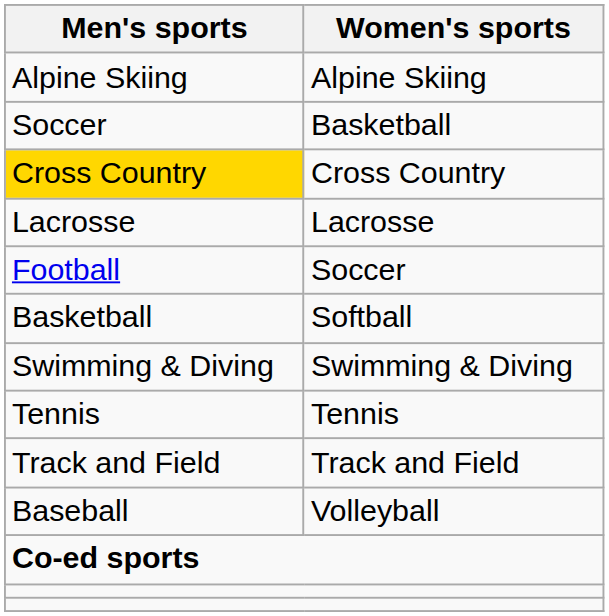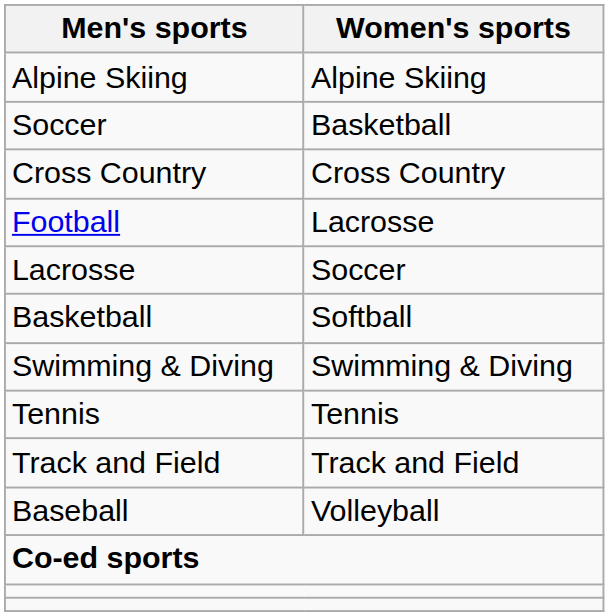 <table class="wikitable"; style= "text-align: ">
 <tr>
 <th width=150px>Men's sports</th>
 <th width=150px>Women's sports</th>
 </tr>
 <tr>
 <td>Alpine Skiing</td>
 <td>Alpine Skiing</td>
 </tr>
 <tr>
 <td>Soccer</td>
 <td>Basketball</td>
 </tr>
 <tr>
-<td style="background: gold;">Cross Country</td>
+<td>Cross Country</td>
 <td>Cross Country</td>
 </tr>
 <tr>
-<td>Lacrosse</td>
+<td><a href='#'>Football</a></td>
 <td>Lacrosse</td>
 </tr>
 <tr>
-<td><a href='#'>Football</a></td>
+<td>Lacrosse</td>
 <td>Soccer</td>
 </tr>
 <tr>
 <td>Basketball</td>
 <td>Softball</td>
 </tr>
 <tr>
 <td>Swimming & Diving</td>
 <td>Swimming & Diving</td>
 </tr>
 <tr>
 <td>Tennis</td>
 <td>Tennis</td>
 </tr>
 <tr>
 <td>Track and Field</td>
 <td>Track and Field</td>
 </tr>
 <tr>
 <td>Baseball</td>
 <td>Volleyball</td>
 </tr>
 <tr>
 <td colspan="2"><strong>Co-ed sports</strong></td>
 </tr>
 <tr>
 <td colspan="2"></td>
 </tr>
 <tr>
 <td colspan="2"></td>
 </tr>
 </table>
